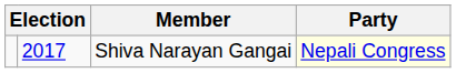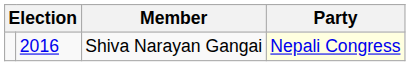 <table class="wikitable">
 <tr>
 <th colspan="2">Election</th>
 <th>Member</th>
 <th>Party</th>
 </tr>
 <tr>
 <td style="background-color:"></td>
-<td><a href='#'>2017</a></td>
+<td><a href='#'>2016</a></td>
 <td>Shiva Narayan Gangai</td>
 <td style="background: lightyellow;"><a href='#'>Nepali Congress</a></td>
 </tr>
 </table>
